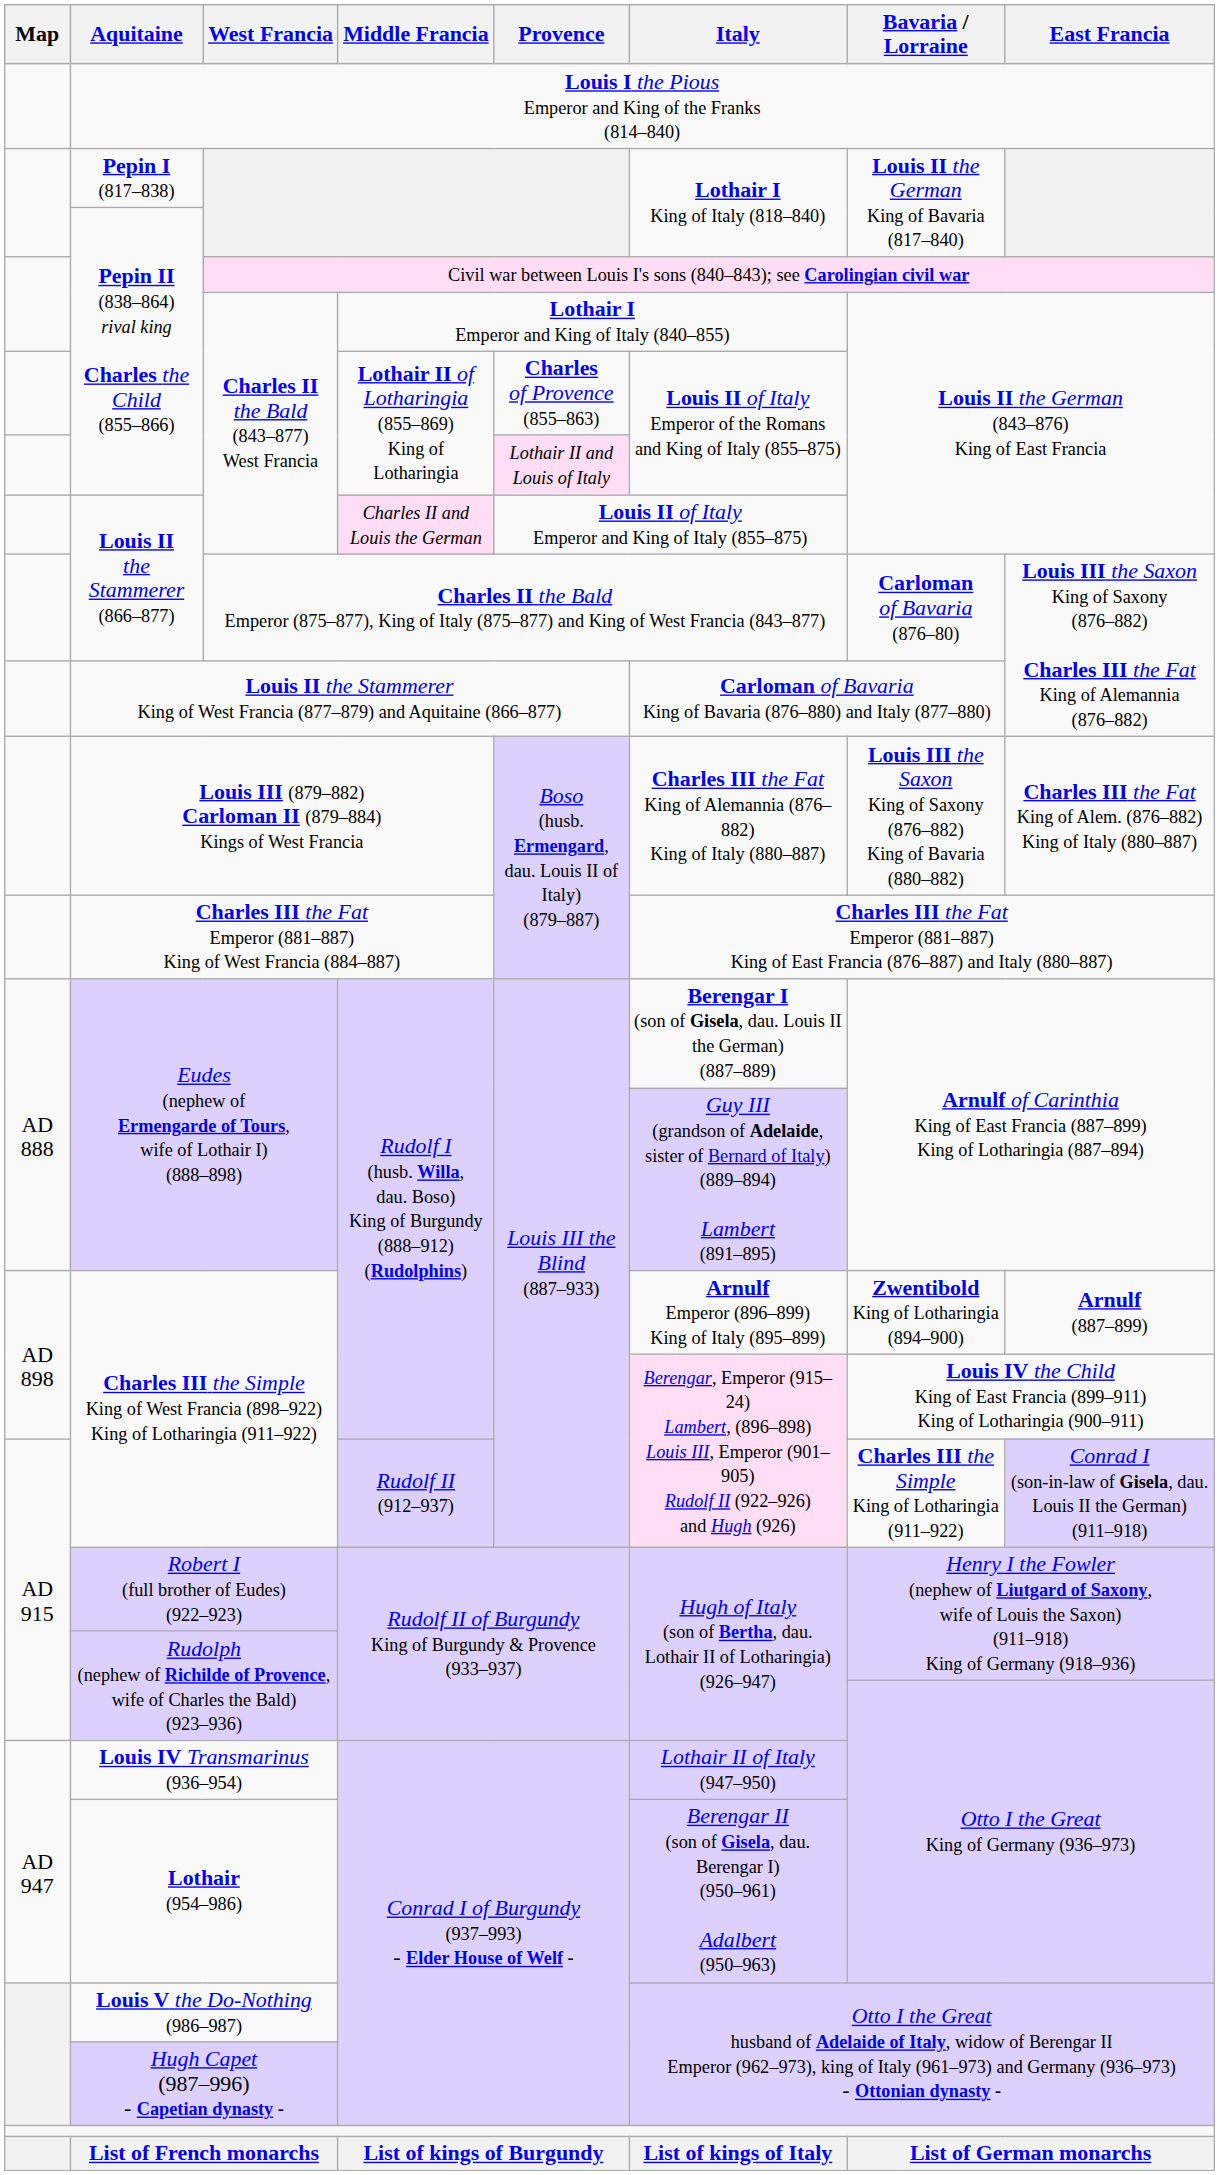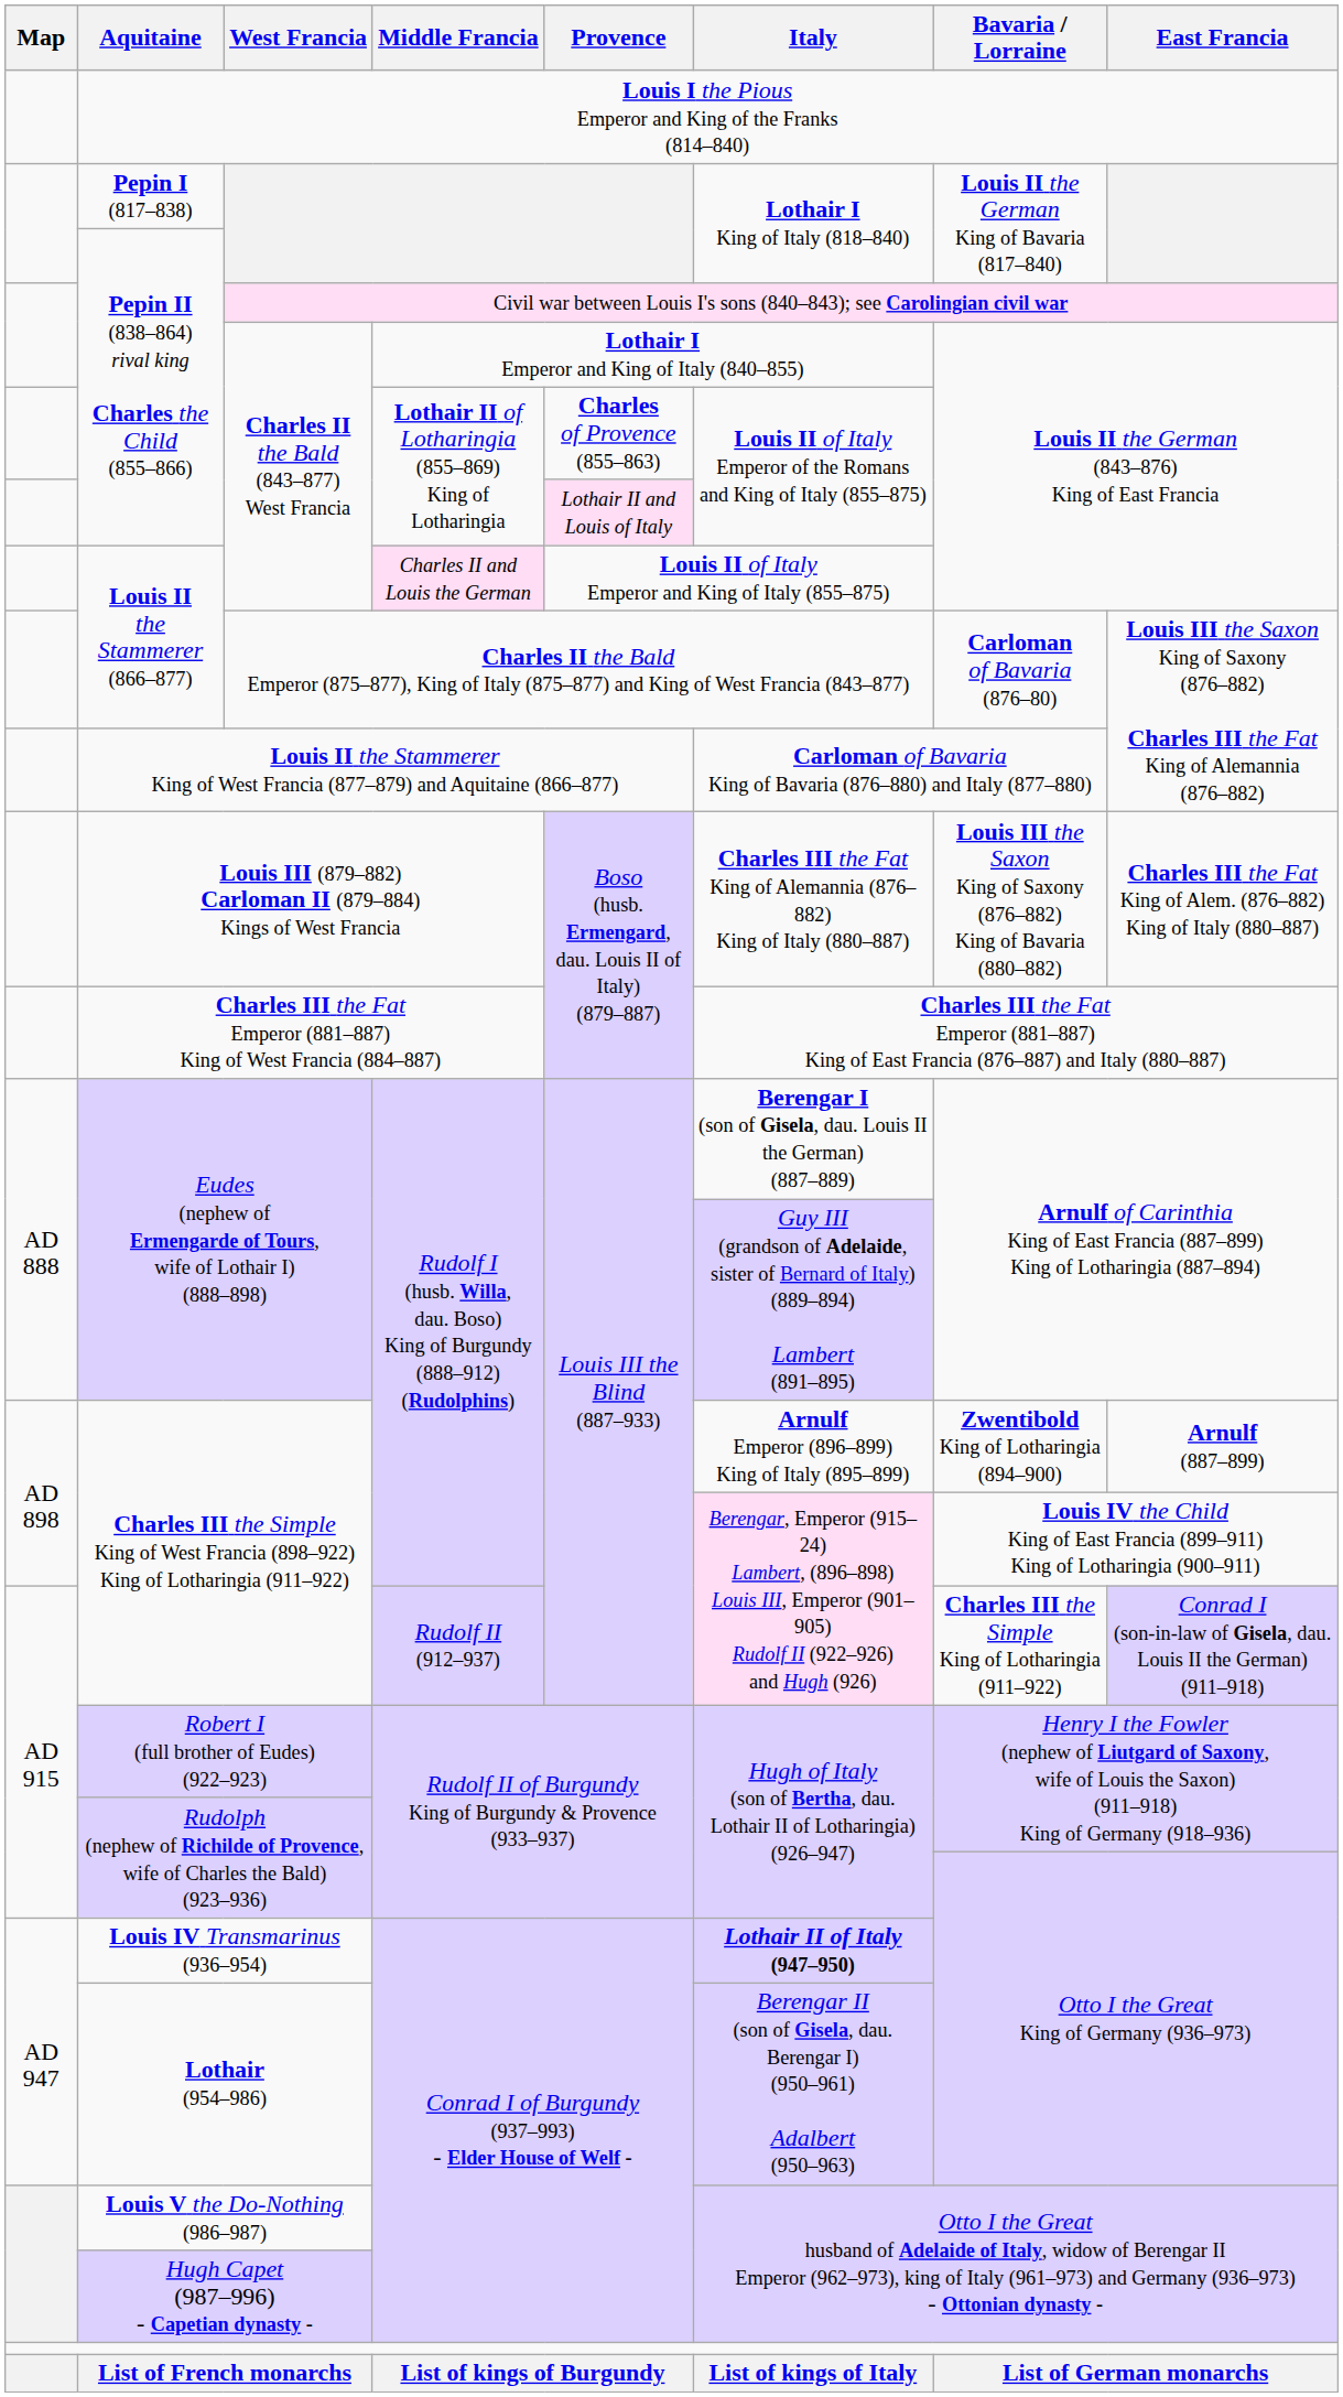 <table class="wikitable" width="100%" style="text-align:center">
 <tr style="background-color:#cccccc;">
 <th>Map</th>
 <th><a href='#'>Aquitaine</a></th>
 <th><a href='#'>West Francia</a></th>
 <th><a href='#'>Middle Francia</a></th>
 <th><a href='#'>Provence</a></th>
 <th><a href='#'>Italy</a></th>
 <th><a href='#'>Bavaria</a> / <a href='#'>Lorraine</a></th>
 <th><a href='#'>East Francia</a></th>
 </tr>
 <tr>
 <td></td>
 <td colspan="7"><a href='#'><strong>Louis I</strong> <em>the Pious</em></a><br><small>Emperor and King of the Franks<br>(814–840)</small></td>
 </tr>
 <tr>
 <td rowspan="2"></td>
 <td><strong><a href='#'>Pepin I</a></strong><br><small>(817–838)</small></td>
 <th colspan="3" rowspan="2"></th>
 <td rowspan="2"><strong><a href='#'>Lothair I</a></strong><br><small>King of Italy (818–840)</small></td>
 <td rowspan="2"><a href='#'><strong>Louis II</strong> <em>the German</em></a><br><small>King of Bavaria (817–840)</small></td>
 <th rowspan="2"></th>
 </tr>
 <tr>
 <td rowspan="5"><strong><a href='#'>Pepin II</a></strong> <small>(838–864)</small><br><small><em>rival king</em></small><br><br><a href='#'><strong>Charles</strong> <em>the Child</em></a><br><small>(855–866)</small></td>
 </tr>
 <tr>
 <td rowspan="2"></td>
 <td colspan="6" style="background: #FFDDF4;"><small>Civil war between Louis I's sons (840–843); see <strong><a href='#'>Carolingian civil war</a></strong></small></td>
 </tr>
 <tr>
 <td rowspan="4"><a href='#'><strong>Charles II</strong><br><em>the Bald</em></a><br><small>(843–877)<br></small><small>West Francia</small></td>
 <td colspan="3"><strong><a href='#'>Lothair I</a></strong><br><small>Emperor and King of Italy (840–855)</small></td>
 <td colspan="2" rowspan="4"><a href='#'><strong>Louis II</strong> <em>the German</em></a><br><small>(843–876)<br>King of East Francia</small></td>
 </tr>
 <tr>
 <td></td>
 <td rowspan="2"><a href='#'><strong>Lothair II</strong> <em>of<br>Lotharingia</em></a><br><small>(855–869)<br>King of Lotharingia</small></td>
 <td><a href='#'><strong>Charles</strong><br><em>of Provence</em></a><br><small>(855–863)</small></td>
 <td rowspan="2"><a href='#'><strong>Louis II</strong> <em>of Italy</em></a><br><small>Emperor of the Romans<br>and King of Italy (855–875)</small></td>
 </tr>
 <tr>
 <td></td>
 <td style="background: #FFDDF4;"><small><em>Lothair II and<br>Louis of Italy</em></small></td>
 </tr>
 <tr>
 <td></td>
 <td rowspan="2"><a href='#'><strong>Louis II</strong><br><em>the Stammerer</em></a><br><small>(866–877)</small></td>
 <td style="background: #FFDDF4;"><small><em>Charles II and<br>Louis the German</em></small></td>
 <td colspan="2"><a href='#'><strong>Louis II</strong> <em>of Italy</em></a><br><small>Emperor and King of Italy (855–875)</small></td>
 </tr>
 <tr>
 <td></td>
 <td colspan="4"><a href='#'><strong>Charles II</strong> <em>the Bald</em></a><br><small>Emperor (875–877), King of Italy (875–877) and King of West Francia (843–877)</small></td>
 <td><a href='#'><strong>Carloman</strong><br><em>of Bavaria</em></a><br><small>(876–80)</small></td>
 <td rowspan="2"><a href='#'><strong>Louis III</strong> <em>the Saxon</em></a><small><br>King of Saxony<br>(876–882)<br><br></small><a href='#'><strong>Charles III</strong> <em>the Fat</em></a><br><small>King of Alemannia<br>(876–882)</small></td>
 </tr>
 <tr>
 <td></td>
 <td colspan="4"><a href='#'><strong>Louis II</strong> <em>the Stammerer</em></a><br><small>King of West Francia (877–879) and Aquitaine (866–877)</small></td>
 <td colspan="2"><a href='#'><strong>Carloman</strong> <em>of Bavaria</em></a><br><small>King of Bavaria (876–880) and Italy (877–880)</small></td>
 </tr>
 <tr>
 <td></td>
 <td colspan="3"><strong><a href='#'>Louis III</a></strong> <small>(879–882)</small><br><strong><a href='#'>Carloman II</a></strong> <small>(879–884)</small><br><small>Kings of West Francia</small></td>
 <td rowspan="2" style="background: #DCD0FF;"><em><a href='#'>Boso</a></em><br><small>(husb. <strong><a href='#'>Ermengard</a></strong>,<br>dau. Louis II of Italy)<br>(879–887)</small></td>
 <td><a href='#'><strong>Charles III</strong> <em>the Fat</em></a><br><small>King of Alemannia (876–882)<br>King of Italy (880–887)</small></td>
 <td><a href='#'><strong>Louis III</strong> <em>the Saxon</em></a><br><small>King of Saxony (876–882)<br>King of Bavaria (880–882)</small></td>
 <td><a href='#'><strong>Charles III</strong> <em>the Fat</em></a><br><small>King of Alem. (876–882)<br>King of Italy (880–887)</small></td>
 </tr>
 <tr>
 <td></td>
 <td colspan="3"><a href='#'><strong>Charles III</strong> <em>the Fat</em></a><br><small>Emperor (881–887)<br>King of West Francia (884–887)</small></td>
 <td colspan="3"><a href='#'><strong>Charles III</strong> <em>the Fat</em></a><br><small>Emperor (881–887)<br>King of East Francia (876–887) and Italy (880–887)</small></td>
 </tr>
 <tr>
 <td rowspan="3"><br>AD 888</td>
 <td colspan="2" rowspan="3" style="background: #DCD0FF;"><em><a href='#'>Eudes</a></em><br><small>(nephew of<br><strong><a href='#'>Ermengarde of Tours</a></strong>,<br>wife of Lothair I)<br>(888–898)</small></td>
 <td rowspan="5" style="background: #DCD0FF;"><em><a href='#'>Rudolf I</a></em><br><small>(husb. <strong><a href='#'>Willa</a></strong>,<br>dau. Boso)<br>King of Burgundy<br>(888–912)<br>(<strong><a href='#'>Rudolphins</a></strong>)</small></td>
 <td rowspan="6" style="background: #DCD0FF;"><em><a href='#'>Louis III the Blind</a></em><br><small>(887–933)</small></td>
 <td><strong><a href='#'>Berengar I</a></strong><br><small>(son of <strong>Gisela</strong>, dau. Louis II the German)</small><br><small>(887–889)</small></td>
 <td colspan="2" rowspan="2"><a href='#'><strong>Arnulf</strong> <em>of Carinthia</em></a><br><small>King of East Francia (887–899)<br>King of Lotharingia (887–894)</small></td>
 </tr>
 <tr>
 <td style="background: #DCD0FF;"><em><a href='#'>Guy III</a></em><br><small>(grandson of <strong>Adelaide</strong>, sister of <a href='#'>Bernard of Italy</a>)<br>(889–894)</small><br><br><a href='#'><em>Lambert</em></a><br><small>(891–895)</small></td>
 </tr>
 <tr>
 <td rowspan="2"><a href='#'><strong>Arnulf</strong></a><br><small>Emperor (896–899)<br>King of Italy (895–899)</small></td>
 <td rowspan="2"><strong><a href='#'>Zwentibold</a></strong><br><small>King of Lotharingia<br>(894–900)</small></td>
 <td rowspan="2"><a href='#'><strong>Arnulf</strong></a><br><small>(887–899)</small></td>
 </tr>
 <tr>
 <td rowspan="2"><br>AD 898</td>
 <td colspan="2" rowspan="3"><a href='#'><strong>Charles III</strong> <em>the Simple</em></a><br><small>King of West Francia (898–922)<br>King of Lotharingia (911–922)</small></td>
 </tr>
 <tr>
 <td rowspan="2" style="background: #FFDDF4;"><small><a href='#'><em>Berengar</em></a>, Emperor (915–24)<br><a href='#'><em>Lambert</em></a>, (896–898)<br><a href='#'><em>Louis III</em></a>, Emperor (901–905)<br><a href='#'><em>Rudolf II</em></a> (922–926)<br>and <a href='#'><em>Hugh</em></a> (926)</small></td>
 <td colspan="2"><a href='#'><strong>Louis IV</strong> <em>the Child</em></a><br><small>King of East Francia (899–911)<br>King of Lotharingia (900–911)</small></td>
 </tr>
 <tr>
 <td rowspan="4"><br>AD 915</td>
 <td style="background: #DCD0FF;"><em><a href='#'>Rudolf II</a></em><br><small>(912–937)</small></td>
 <td><a href='#'><strong>Charles III</strong> <em>the Simple</em></a><br><small>King of Lotharingia<br>(911–922)</small></td>
 <td style="background: #DCD0FF;"><em><a href='#'>Conrad I</a></em><br><small>(son-in-law of <strong>Gisela</strong>, dau. Louis II the German)<br>(911–918)</small></td>
 </tr>
 <tr>
 <td colspan="2" style="background: #DCD0FF;"><em><a href='#'>Robert I</a></em><br><small>(full brother of Eudes)<br>(922–923)</small></td>
 <td colspan="2" rowspan="3" style="background: #DCD0FF;"><em><a href='#'>Rudolf II of Burgundy</a></em><br><small>King of Burgundy & Provence<br>(933–937)</small></td>
 <td rowspan="3" style="background: #DCD0FF;"><em><a href='#'>Hugh of Italy</a></em><br><small>(son of <strong><a href='#'>Bertha</a></strong>, dau.<br>Lothair II of Lotharingia)<br>(926–947)</small></td>
 <td colspan="2" rowspan="2" style="background: #DCD0FF;"><em><a href='#'>Henry I the Fowler</a></em><br><small>(nephew of <strong><a href='#'>Liutgard of Saxony</a></strong>,<br>wife of Louis the Saxon)<br>(911–918)<br>King of Germany (918–936)</small></td>
 </tr>
 <tr>
 <td colspan="2" rowspan="2" style="background: #DCD0FF;"><em><a href='#'>Rudolph</a></em><br><small>(nephew of <strong><a href='#'>Richilde of Provence</a></strong>,<br>wife of Charles the Bald)<br>(923–936)</small></td>
 </tr>
 <tr>
 <td colspan="2" rowspan="3" style="background: #DCD0FF;"><em><a href='#'>Otto I the Great</a></em><br><small>King of Germany (936–973)</small></td>
 </tr>
 <tr>
 <td rowspan="2"><br>AD 947</td>
 <td colspan="2"><a href='#'><strong>Louis IV</strong> <em>Transmarinus</em></a><br><small>(936–954)</small></td>
 <td colspan="2" rowspan="4" style="background: #DCD0FF;"><em><a href='#'>Conrad I of Burgundy</a></em><br><small>(937–993)<br></small> - <small><strong><a href='#'>Elder House of Welf</a> -</strong></small></td>
-<td style="background: #DCD0FF;"><em><a href='#'>Lothair II of Italy</a></em><br><small>(947–950)</small></td>
+<td style="background: #DCD0FF;"><strong><em><a href='#'>Lothair II of Italy</a></em><br><small>(947–950)</small></strong></td>
 </tr>
 <tr>
 <td colspan="2"><strong><a href='#'>Lothair</a></strong><br><small>(954–986)</small></td>
 <td style="background: #DCD0FF;"><em><a href='#'>Berengar II</a></em><br><small>(son of <strong><a href='#'>Gisela</a></strong>, dau. Berengar I)<br>(950–961)</small><br><br><em><a href='#'>Adalbert</a></em><br><small>(950–963)</small></td>
 </tr>
 <tr>
 <th rowspan="2"></th>
 <td colspan="2"><a href='#'><strong>Louis V</strong> <em>the Do-Nothing</em></a><br><small>(986–987)</small></td>
 <td colspan="3" rowspan="2" style="background: #DCD0FF;"><em><a href='#'>Otto I the Great</a></em><br><small>husband of <strong><a href='#'>Adelaide of Italy</a></strong>, widow of Berengar II<br>Emperor (962–973), king of Italy (961–973) and Germany (936–973)<br></small>- <strong><small><a href='#'>Ottonian dynasty</a> -</small></strong></td>
 </tr>
 <tr>
 <td colspan="2" style="background: #DCD0FF;"><em><a href='#'>Hugh Capet</a></em><br>(987–996)<br>- <small><strong><a href='#'>Capetian dynasty</a> -</strong></small></td>
 </tr>
 <tr>
 <td colspan="8"></td>
 </tr>
 <tr>
 <th></th>
 <th colspan="2"><strong><a href='#'>List of French monarchs</a></strong></th>
 <th colspan="2"><a href='#'>List of kings of Burgundy</a></th>
 <th><strong><a href='#'>List of kings of Italy</a></strong></th>
 <th colspan="2"><a href='#'>List of German monarchs</a></th>
 </tr>
 </table>
